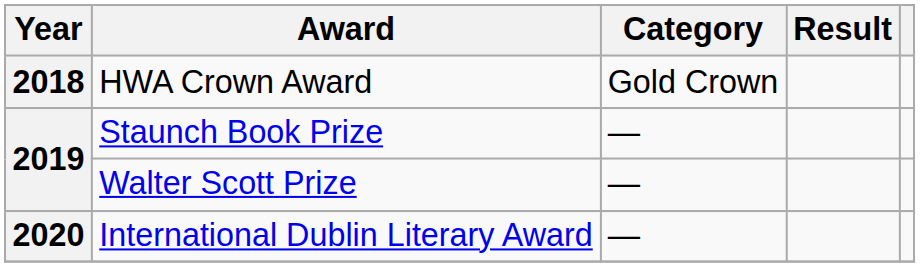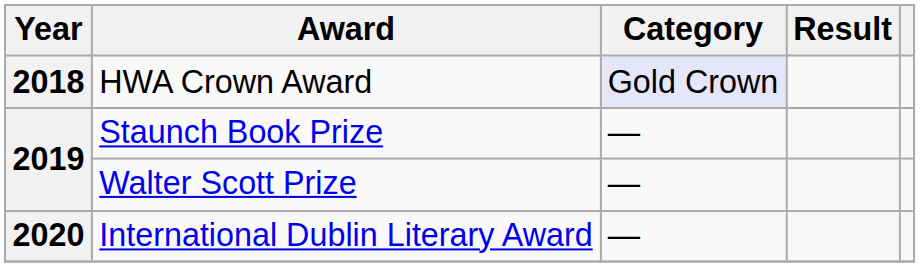 <table class="wikitable sortable">
 <tr>
 <th>Year</th>
 <th>Award</th>
 <th>Category</th>
 <th>Result</th>
 <th></th>
 </tr>
 <tr>
 <th>2018</th>
 <td>HWA Crown Award</td>
-<td>Gold Crown</td>
+<td style="background: lavender;">Gold Crown</td>
 <td></td>
 <td></td>
 </tr>
 <tr>
 <th rowspan="2">2019</th>
 <td><a href='#'>Staunch Book Prize</a></td>
 <td>—</td>
 <td></td>
 <td></td>
 </tr>
 <tr>
 <td><a href='#'>Walter Scott Prize</a></td>
 <td>—</td>
 <td></td>
 <td></td>
 </tr>
 <tr>
 <th>2020</th>
 <td><a href='#'>International Dublin Literary Award</a></td>
 <td>—</td>
 <td></td>
 <td></td>
 </tr>
 <tr>
 </tr>
 </table>
